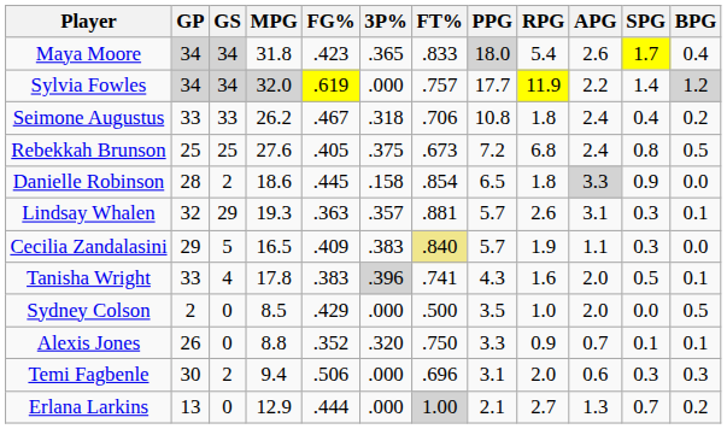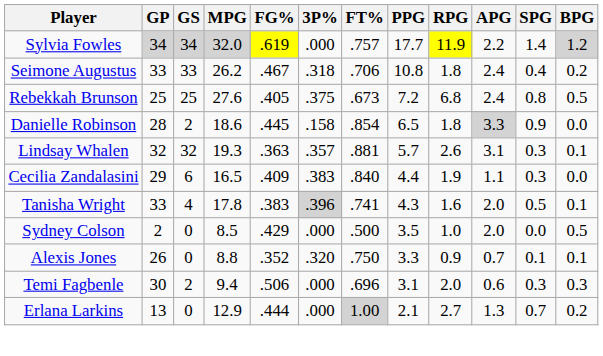 <table class="wikitable sortable" style="text-align:center;">
 <tr>
 <th>Player</th>
 <th>GP</th>
 <th>GS</th>
 <th>MPG</th>
 <th>FG%</th>
 <th>3P%</th>
 <th>FT%</th>
 <th>PPG</th>
 <th>RPG</th>
 <th>APG</th>
 <th>SPG</th>
 <th>BPG</th>
-</tr>
-<tr>
-<td><a href='#'>Maya Moore</a></td>
-<td style="background:#D3D3D3;">34</td>
-<td style="background:#D3D3D3;">34</td>
-<td>31.8</td>
-<td>.423</td>
-<td>.365</td>
-<td>.833</td>
-<td style="background:#D3D3D3;">18.0</td>
-<td>5.4</td>
-<td>2.6</td>
-<td style="background:yellow;">1.7</td>
-<td>0.4</td>
 </tr>
 <tr>
 <td><a href='#'>Sylvia Fowles</a></td>
 <td style="background:#D3D3D3;">34</td>
 <td style="background:#D3D3D3;">34</td>
 <td style="background:#D3D3D3;">32.0</td>
 <td style="background:yellow;">.619</td>
 <td>.000</td>
 <td>.757</td>
 <td>17.7</td>
 <td style="background:yellow;">11.9</td>
 <td>2.2</td>
 <td>1.4</td>
 <td style="background:#D3D3D3;">1.2</td>
 </tr>
 <tr>
 <td><a href='#'>Seimone Augustus</a></td>
 <td>33</td>
 <td>33</td>
 <td>26.2</td>
 <td>.467</td>
 <td>.318</td>
 <td>.706</td>
 <td>10.8</td>
 <td>1.8</td>
 <td>2.4</td>
 <td>0.4</td>
 <td>0.2</td>
 </tr>
 <tr>
 <td><a href='#'>Rebekkah Brunson</a></td>
 <td>25</td>
 <td>25</td>
 <td>27.6</td>
 <td>.405</td>
 <td>.375</td>
 <td>.673</td>
 <td>7.2</td>
 <td>6.8</td>
 <td>2.4</td>
 <td>0.8</td>
 <td>0.5</td>
 </tr>
 <tr>
 <td><a href='#'>Danielle Robinson</a></td>
 <td>28</td>
 <td>2</td>
 <td>18.6</td>
 <td>.445</td>
 <td>.158</td>
 <td>.854</td>
 <td>6.5</td>
 <td>1.8</td>
 <td style="background:#D3D3D3;">3.3</td>
 <td>0.9</td>
 <td>0.0</td>
 </tr>
 <tr>
 <td><a href='#'>Lindsay Whalen</a></td>
 <td>32</td>
-<td>29</td>
+<td>32</td>
 <td>19.3</td>
 <td>.363</td>
 <td>.357</td>
 <td>.881</td>
 <td>5.7</td>
 <td>2.6</td>
 <td>3.1</td>
 <td>0.3</td>
 <td>0.1</td>
 </tr>
 <tr>
 <td><a href='#'>Cecilia Zandalasini</a></td>
 <td>29</td>
-<td>5</td>
+<td>6</td>
 <td>16.5</td>
 <td>.409</td>
 <td>.383</td>
-<td style="background: khaki;">.840</td>
-<td>5.7</td>
+<td>.840</td>
+<td>4.4</td>
 <td>1.9</td>
 <td>1.1</td>
 <td>0.3</td>
 <td>0.0</td>
 </tr>
 <tr>
 <td><a href='#'>Tanisha Wright</a></td>
 <td>33</td>
 <td>4</td>
 <td>17.8</td>
 <td>.383</td>
 <td style="background:#D3D3D3;">.396</td>
 <td>.741</td>
 <td>4.3</td>
 <td>1.6</td>
 <td>2.0</td>
 <td>0.5</td>
 <td>0.1</td>
 </tr>
 <tr>
 <td><a href='#'>Sydney Colson</a></td>
 <td>2</td>
 <td>0</td>
 <td>8.5</td>
 <td>.429</td>
 <td>.000</td>
 <td>.500</td>
 <td>3.5</td>
 <td>1.0</td>
 <td>2.0</td>
 <td>0.0</td>
 <td>0.5</td>
 </tr>
 <tr>
 <td><a href='#'>Alexis Jones</a></td>
 <td>26</td>
 <td>0</td>
 <td>8.8</td>
 <td>.352</td>
 <td>.320</td>
 <td>.750</td>
 <td>3.3</td>
 <td>0.9</td>
 <td>0.7</td>
 <td>0.1</td>
 <td>0.1</td>
 </tr>
 <tr>
 <td><a href='#'>Temi Fagbenle</a></td>
 <td>30</td>
 <td>2</td>
 <td>9.4</td>
 <td>.506</td>
 <td>.000</td>
 <td>.696</td>
 <td>3.1</td>
 <td>2.0</td>
 <td>0.6</td>
 <td>0.3</td>
 <td>0.3</td>
 </tr>
 <tr>
 <td><a href='#'>Erlana Larkins</a></td>
 <td>13</td>
 <td>0</td>
 <td>12.9</td>
 <td>.444</td>
 <td>.000</td>
 <td style="background:#D3D3D3;">1.00</td>
 <td>2.1</td>
 <td>2.7</td>
 <td>1.3</td>
 <td>0.7</td>
 <td>0.2</td>
 </tr>
 </table>
